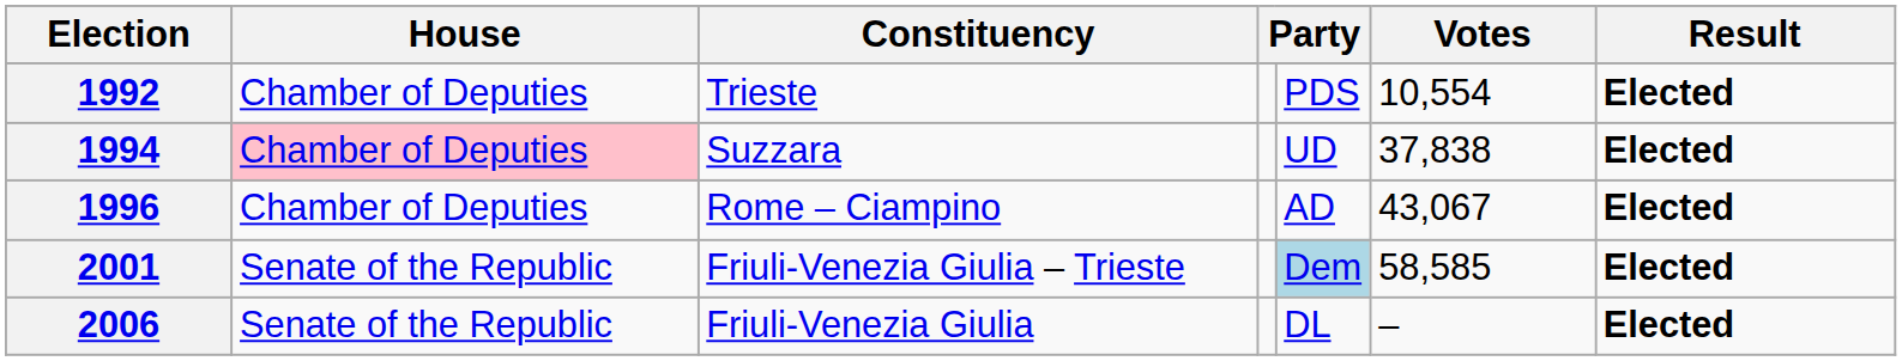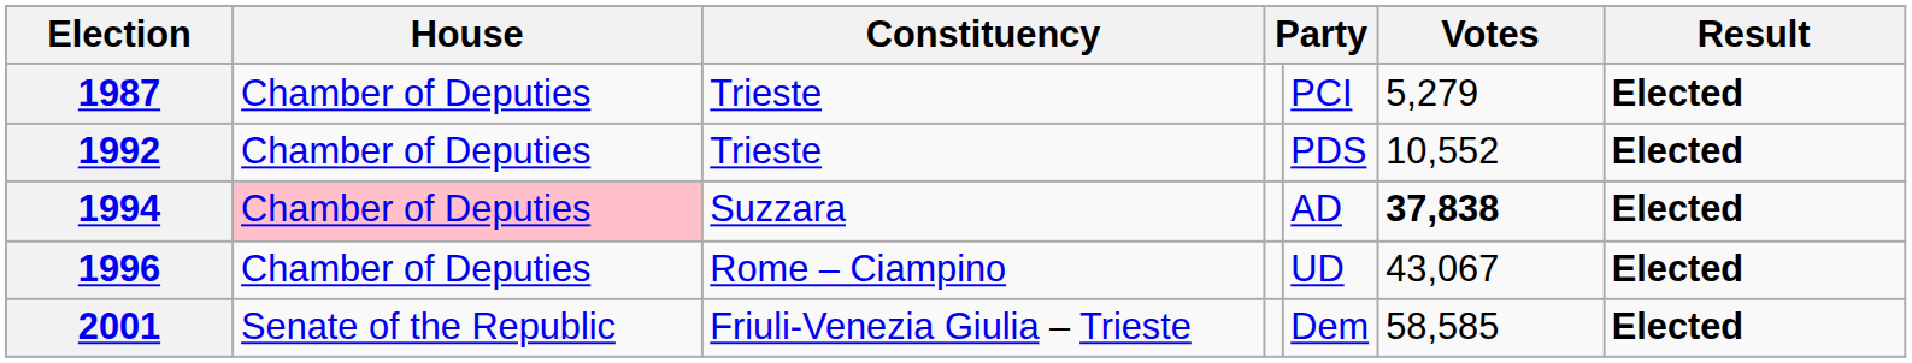 <table class=wikitable style="width:65%; border:1px #AAAAFF solid">
 <tr>
 <th width=12%>Election</th>
 <th width=25%>House</th>
 <th width=30%>Constituency</th>
 <th width=5% colspan="2">Party</th>
 <th width=12%>Votes</th>
 <th width=25%>Result</th>
 </tr>
 <tr>
+<th><a href='#'>1987</a></th>
+<td><a href='#'>Chamber of Deputies</a></td>
+<td><a href='#'>Trieste</a></td>
+<td></td>
+<td><a href='#'>PCI</a></td>
+<td>5,279</td>
+<td> <strong>Elected</strong></td>
+</tr>
+<tr>
 <th><a href='#'>1992</a></th>
 <td><a href='#'>Chamber of Deputies</a></td>
 <td><a href='#'>Trieste</a></td>
 <td></td>
 <td><a href='#'>PDS</a></td>
-<td>10,554</td>
+<td>10,552</td>
 <td> <strong>Elected</strong></td>
 </tr>
 <tr>
 <th><a href='#'>1994</a></th>
 <td style="background: pink;"><a href='#'>Chamber of Deputies</a></td>
 <td><a href='#'>Suzzara</a></td>
 <td></td>
-<td><a href='#'>UD</a></td>
-<td>37,838</td>
+<td><a href='#'>AD</a></td>
+<td><strong>37,838</strong></td>
 <td> <strong>Elected</strong></td>
 </tr>
 <tr>
 <th><a href='#'>1996</a></th>
 <td><a href='#'>Chamber of Deputies</a></td>
 <td><a href='#'>Rome – Ciampino</a></td>
 <td></td>
-<td><a href='#'>AD</a></td>
+<td><a href='#'>UD</a></td>
 <td>43,067</td>
 <td> <strong>Elected</strong></td>
 </tr>
 <tr>
 <th><a href='#'>2001</a></th>
 <td><a href='#'>Senate of the Republic</a></td>
 <td><a href='#'>Friuli-Venezia Giulia</a> – <a href='#'>Trieste</a></td>
 <td></td>
-<td style="background: lightblue;"><a href='#'>Dem</a></td>
+<td><a href='#'>Dem</a></td>
 <td>58,585</td>
 <td> <strong>Elected</strong></td>
 </tr>
-<tr>
-<th><a href='#'>2006</a></th>
-<td><a href='#'>Senate of the Republic</a></td>
-<td><a href='#'>Friuli-Venezia Giulia</a></td>
-<td></td>
-<td><a href='#'>DL</a></td>
-<td>–</td>
-<td> <strong>Elected</strong></td>
-</tr>
 </table>
